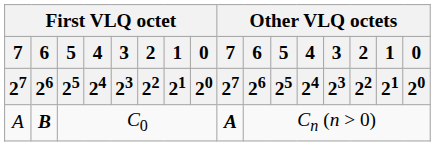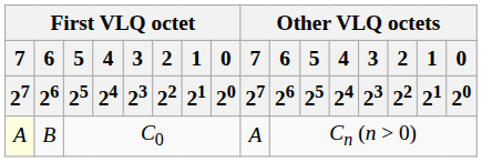 <table class="wikitable" style="font-size:110%;">
 <tr>
 <th colspan=8>First VLQ octet</th>
 <th colspan=8>Other VLQ octets</th>
 </tr>
 <tr>
 <th>7</th>
 <th>6</th>
 <th>5</th>
 <th>4</th>
 <th>3</th>
 <th>2</th>
 <th>1</th>
 <th>0</th>
 <th>7</th>
 <th>6</th>
 <th>5</th>
 <th>4</th>
 <th>3</th>
 <th>2</th>
 <th>1</th>
 <th>0</th>
 </tr>
 <tr>
 <th>2<sup>7</sup></th>
 <th>2<sup>6</sup></th>
 <th>2<sup>5</sup></th>
 <th>2<sup>4</sup></th>
 <th>2<sup>3</sup></th>
 <th>2<sup>2</sup></th>
 <th>2<sup>1</sup></th>
 <th>2<sup>0</sup></th>
 <th>2<sup>7</sup></th>
 <th>2<sup>6</sup></th>
 <th>2<sup>5</sup></th>
 <th>2<sup>4</sup></th>
 <th>2<sup>3</sup></th>
 <th>2<sup>2</sup></th>
 <th>2<sup>1</sup></th>
 <th>2<sup>0</sup></th>
 </tr>
 <tr>
+<td style="background: lightyellow; text-align:center;"><em>A</em></td>
+<td style="text-align:center;"><em>B</em></td>
+<td colspan="6" style="text-align:center;"><em>C</em><sub>0</sub></td>
 <td style="text-align:center;"><em>A</em></td>
-<td style="text-align:center;"><strong><em>B</em></strong></td>
-<td colspan="6" style="text-align:center;"><em>C</em><sub>0</sub></td>
-<td style="text-align:center;"><strong><em>A</em></strong></td>
 <td colspan="7" style="text-align:center;"><em>C<sub>n</sub></em> (<em>n</em> > 0)</td>
 </tr>
 </table>
